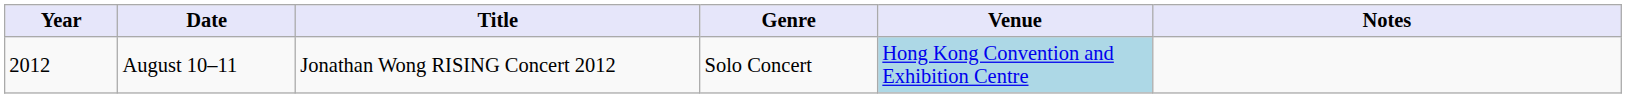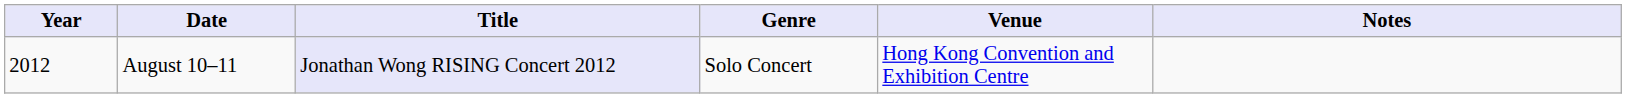 <table class="wikitable" width="100%">
 <tr style="background:#E6E6FA; color:black" align=center>
 <td style="width:7%"><strong>Year</strong></td>
 <td style="width:11%"><strong>Date</strong></td>
 <td style="width:25%"><strong>Title</strong></td>
 <td style="width:11%"><strong>Genre</strong></td>
 <td style="width:17%"><strong>Venue</strong></td>
 <td style="width:29%"><strong>Notes</strong></td>
 </tr>
 <tr>
 <td rowspan="3">2012</td>
 <td>August 10–11</td>
-<td>Jonathan Wong RISING Concert 2012</td>
+<td style="background: lavender;">Jonathan Wong RISING Concert 2012</td>
 <td>Solo Concert</td>
-<td style="background: lightblue;"><a href='#'>Hong Kong Convention and Exhibition Centre</a></td>
+<td><a href='#'>Hong Kong Convention and Exhibition Centre</a></td>
 <td First Solo Concert></td>
 </tr>
 </table>
